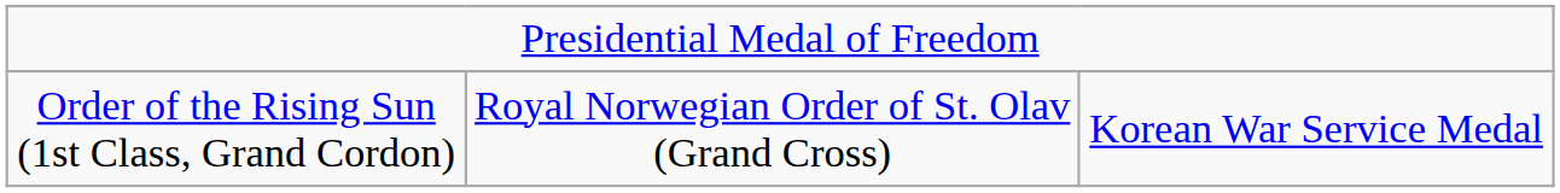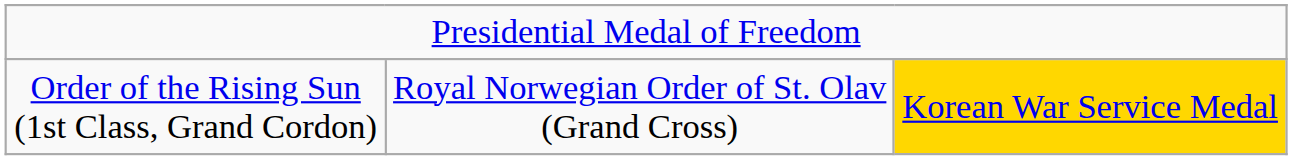 <table class="wikitable" style="margin-left: auto; margin-right: auto; text-align: center; margin-bottom: -1px;">
 <tr>
 <td colspan=3><a href='#'>Presidential Medal of Freedom</a></td>
 </tr>
 <tr>
 <td><a href='#'>Order of the Rising Sun</a><br>(1st Class, Grand Cordon)</td>
 <td><a href='#'>Royal Norwegian Order of St. Olav</a><br>(Grand Cross)</td>
-<td><a href='#'>Korean War Service Medal</a></td>
+<td style="background: gold;"><a href='#'>Korean War Service Medal</a></td>
 </tr>
 </table>
